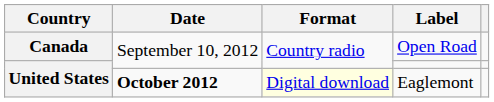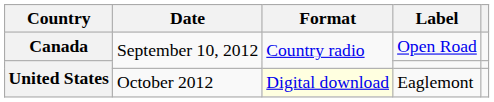 <table class="wikitable plainrowheaders">
 <tr>
 <th>Country</th>
 <th>Date</th>
 <th>Format</th>
 <th>Label</th>
 <th></th>
 </tr>
 <tr>
 <th scope="row">Canada</th>
 <td rowspan="2">September 10, 2012</td>
 <td rowspan="2"><a href='#'>Country radio</a></td>
 <td><a href='#'>Open Road</a></td>
 <td></td>
 </tr>
 <tr>
 <th scope="row" rowspan="2">United States</th>
 <td></td>
 <td></td>
 </tr>
 <tr>
-<td><strong>October 2012</strong></td>
+<td>October 2012</td>
 <td style="background: lightyellow;"><a href='#'>Digital download</a></td>
 <td>Eaglemont</td>
 <td></td>
 </tr>
 </table>
